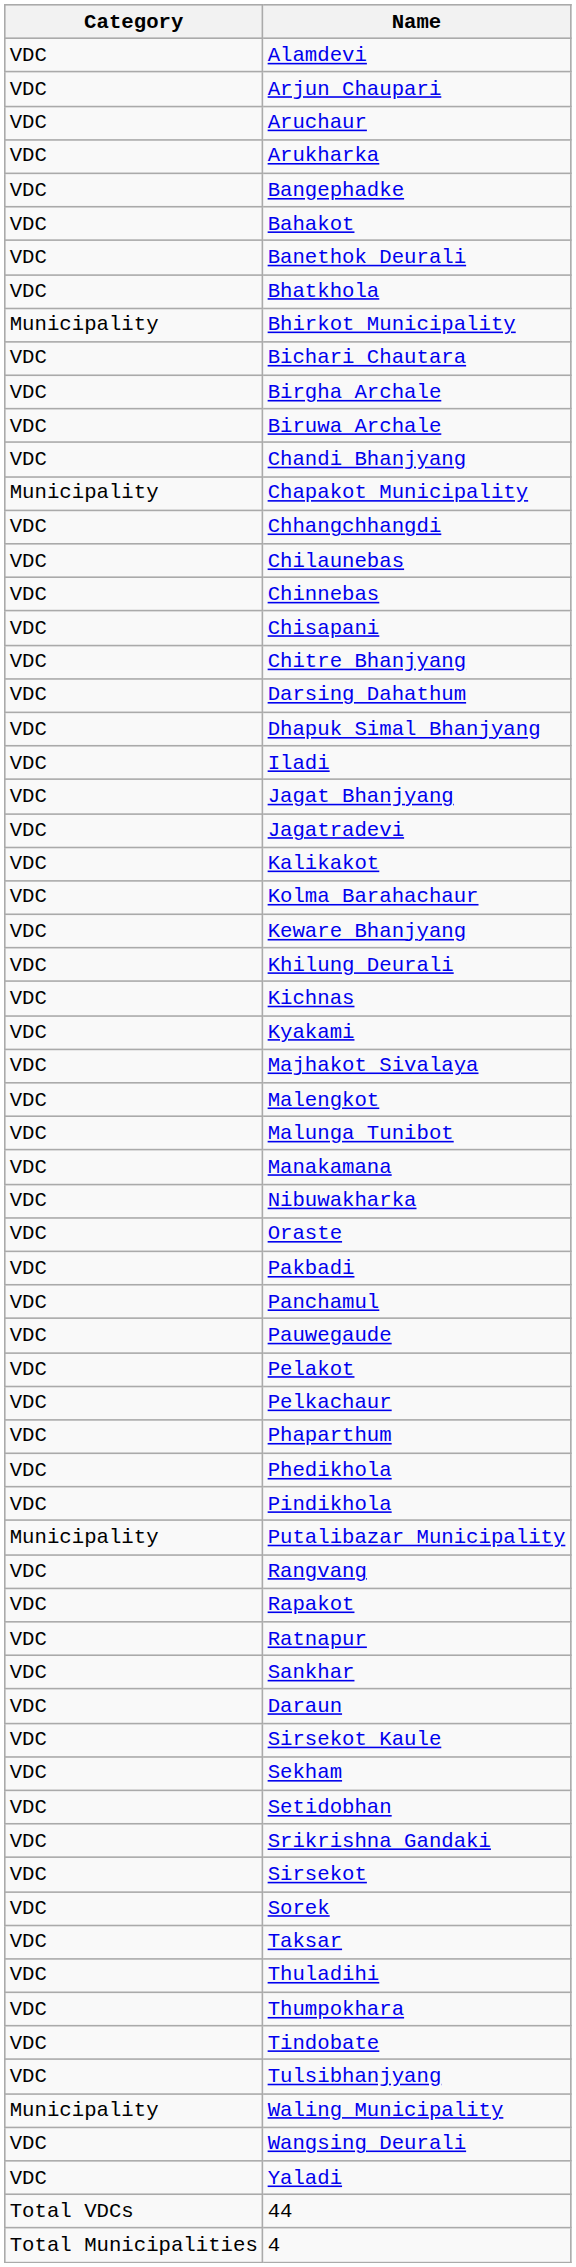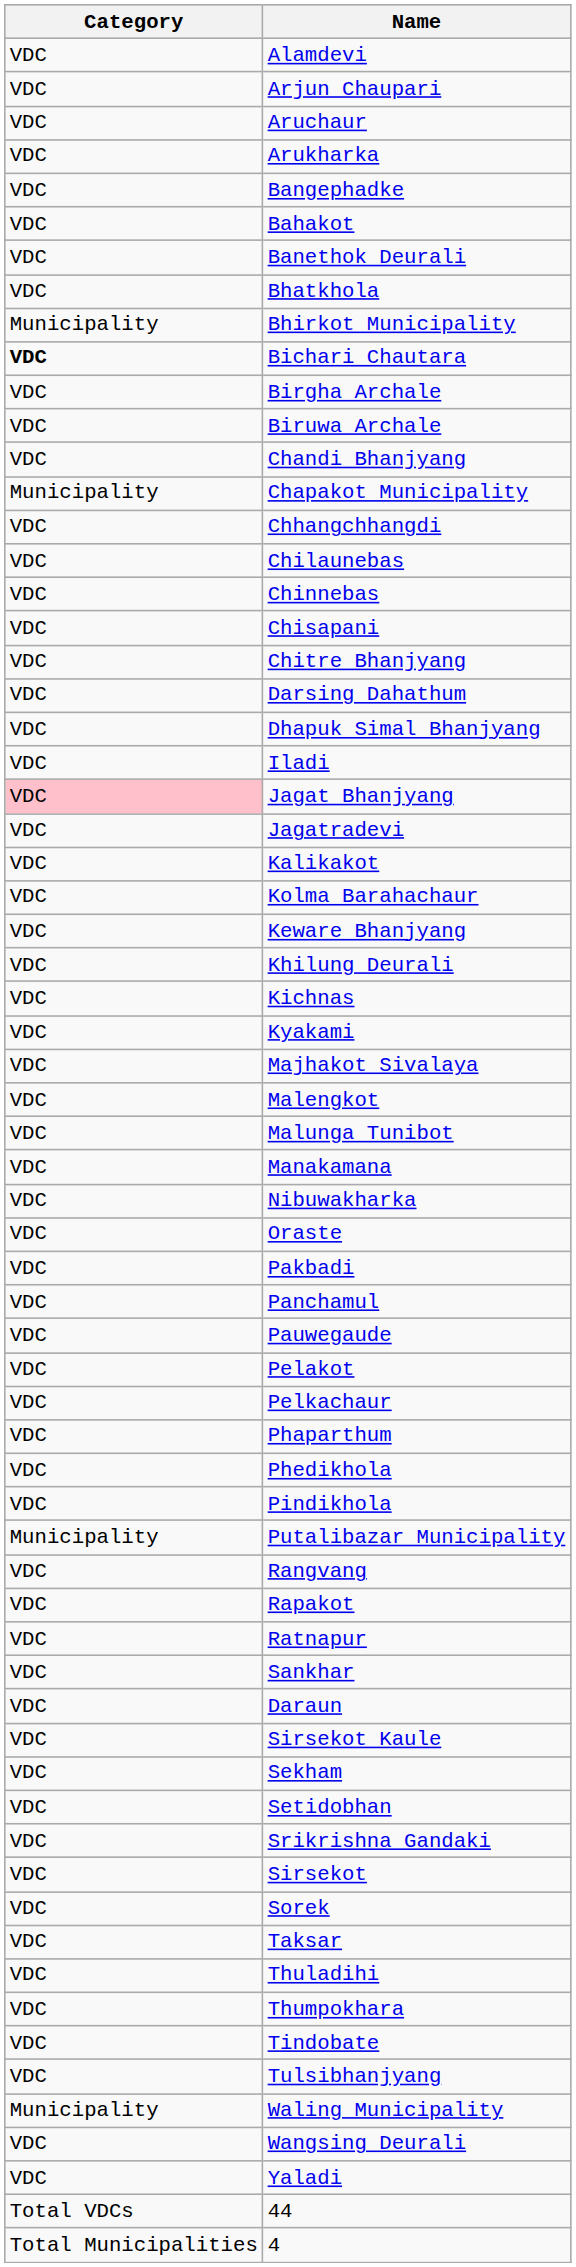 <table class="wikitable">
 <tr>
 <th>Category</th>
 <th>Name</th>
 </tr>
 <tr>
 <td>VDC</td>
 <td><a href='#'>Alamdevi</a></td>
 </tr>
 <tr>
 <td>VDC</td>
 <td><a href='#'>Arjun Chaupari</a></td>
 </tr>
 <tr>
 <td>VDC</td>
 <td><a href='#'>Aruchaur</a></td>
 </tr>
 <tr>
 <td>VDC</td>
 <td><a href='#'>Arukharka</a></td>
 </tr>
 <tr>
 <td>VDC</td>
 <td><a href='#'>Bangephadke</a></td>
 </tr>
 <tr>
 <td>VDC</td>
 <td><a href='#'>Bahakot</a></td>
 </tr>
 <tr>
 <td>VDC</td>
 <td><a href='#'>Banethok Deurali</a></td>
 </tr>
 <tr>
 <td>VDC</td>
 <td><a href='#'>Bhatkhola</a></td>
 </tr>
 <tr>
 <td>Municipality</td>
 <td><a href='#'>Bhirkot Municipality</a></td>
 </tr>
 <tr>
-<td>VDC</td>
+<td><strong>VDC</strong></td>
 <td><a href='#'>Bichari Chautara</a></td>
 </tr>
 <tr>
 <td>VDC</td>
 <td><a href='#'>Birgha Archale</a></td>
 </tr>
 <tr>
 <td>VDC</td>
 <td><a href='#'>Biruwa Archale</a></td>
 </tr>
 <tr>
 <td>VDC</td>
 <td><a href='#'>Chandi Bhanjyang</a></td>
 </tr>
 <tr>
 <td>Municipality</td>
 <td><a href='#'>Chapakot Municipality</a></td>
 </tr>
 <tr>
 <td>VDC</td>
 <td><a href='#'>Chhangchhangdi</a></td>
 </tr>
 <tr>
 <td>VDC</td>
 <td><a href='#'>Chilaunebas</a></td>
 </tr>
 <tr>
 <td>VDC</td>
 <td><a href='#'>Chinnebas</a></td>
 </tr>
 <tr>
 <td>VDC</td>
 <td><a href='#'>Chisapani</a></td>
 </tr>
 <tr>
 <td>VDC</td>
 <td><a href='#'>Chitre Bhanjyang</a></td>
 </tr>
 <tr>
 <td>VDC</td>
 <td><a href='#'>Darsing Dahathum</a></td>
 </tr>
 <tr>
 <td>VDC</td>
 <td><a href='#'>Dhapuk Simal Bhanjyang</a></td>
 </tr>
 <tr>
 <td>VDC</td>
 <td><a href='#'>Iladi</a></td>
 </tr>
 <tr>
-<td>VDC</td>
+<td style="background: pink;">VDC</td>
 <td><a href='#'>Jagat Bhanjyang</a></td>
 </tr>
 <tr>
 <td>VDC</td>
 <td><a href='#'>Jagatradevi</a></td>
 </tr>
 <tr>
 <td>VDC</td>
 <td><a href='#'>Kalikakot</a></td>
 </tr>
 <tr>
 <td>VDC</td>
 <td><a href='#'>Kolma Barahachaur</a></td>
 </tr>
 <tr>
 <td>VDC</td>
 <td><a href='#'>Keware Bhanjyang</a></td>
 </tr>
 <tr>
 <td>VDC</td>
 <td><a href='#'>Khilung Deurali</a></td>
 </tr>
 <tr>
 <td>VDC</td>
 <td><a href='#'>Kichnas</a></td>
 </tr>
 <tr>
 <td>VDC</td>
 <td><a href='#'>Kyakami</a></td>
 </tr>
 <tr>
 <td>VDC</td>
 <td><a href='#'>Majhakot Sivalaya</a></td>
 </tr>
 <tr>
 <td>VDC</td>
 <td><a href='#'>Malengkot</a></td>
 </tr>
 <tr>
 <td>VDC</td>
 <td><a href='#'>Malunga Tunibot</a></td>
 </tr>
 <tr>
 <td>VDC</td>
 <td><a href='#'>Manakamana</a></td>
 </tr>
 <tr>
 <td>VDC</td>
 <td><a href='#'>Nibuwakharka</a></td>
 </tr>
 <tr>
 <td>VDC</td>
 <td><a href='#'>Oraste</a></td>
 </tr>
 <tr>
 <td>VDC</td>
 <td><a href='#'>Pakbadi</a></td>
 </tr>
 <tr>
 <td>VDC</td>
 <td><a href='#'>Panchamul</a></td>
 </tr>
 <tr>
 <td>VDC</td>
 <td><a href='#'>Pauwegaude</a></td>
 </tr>
 <tr>
 <td>VDC</td>
 <td><a href='#'>Pelakot</a></td>
 </tr>
 <tr>
 <td>VDC</td>
 <td><a href='#'>Pelkachaur</a></td>
 </tr>
 <tr>
 <td>VDC</td>
 <td><a href='#'>Phaparthum</a></td>
 </tr>
 <tr>
 <td>VDC</td>
 <td><a href='#'>Phedikhola</a></td>
 </tr>
 <tr>
 <td>VDC</td>
 <td><a href='#'>Pindikhola</a></td>
 </tr>
 <tr>
 <td>Municipality</td>
 <td><a href='#'>Putalibazar Municipality</a></td>
 </tr>
 <tr>
 <td>VDC</td>
 <td><a href='#'>Rangvang</a></td>
 </tr>
 <tr>
 <td>VDC</td>
 <td><a href='#'>Rapakot</a></td>
 </tr>
 <tr>
 <td>VDC</td>
 <td><a href='#'>Ratnapur</a></td>
 </tr>
 <tr>
 <td>VDC</td>
 <td><a href='#'>Sankhar</a></td>
 </tr>
 <tr>
 <td>VDC</td>
 <td><a href='#'>Daraun</a></td>
 </tr>
 <tr>
 <td>VDC</td>
 <td><a href='#'>Sirsekot Kaule</a></td>
 </tr>
 <tr>
 <td>VDC</td>
 <td><a href='#'>Sekham</a></td>
 </tr>
 <tr>
 <td>VDC</td>
 <td><a href='#'>Setidobhan</a></td>
 </tr>
 <tr>
 <td>VDC</td>
 <td><a href='#'>Srikrishna Gandaki</a></td>
 </tr>
 <tr>
 <td>VDC</td>
 <td><a href='#'>Sirsekot</a></td>
 </tr>
 <tr>
 <td>VDC</td>
 <td><a href='#'>Sorek</a></td>
 </tr>
 <tr>
 <td>VDC</td>
 <td><a href='#'>Taksar</a></td>
 </tr>
 <tr>
 <td>VDC</td>
 <td><a href='#'>Thuladihi</a></td>
 </tr>
 <tr>
 <td>VDC</td>
 <td><a href='#'>Thumpokhara</a></td>
 </tr>
 <tr>
 <td>VDC</td>
 <td><a href='#'>Tindobate</a></td>
 </tr>
 <tr>
 <td>VDC</td>
 <td><a href='#'>Tulsibhanjyang</a></td>
 </tr>
 <tr>
 <td>Municipality</td>
 <td><a href='#'>Waling Municipality</a></td>
 </tr>
 <tr>
 <td>VDC</td>
 <td><a href='#'>Wangsing Deurali</a></td>
 </tr>
 <tr>
 <td>VDC</td>
 <td><a href='#'>Yaladi</a></td>
 </tr>
 <tr>
 <td>Total VDCs</td>
 <td>44</td>
 </tr>
 <tr>
 <td>Total Municipalities</td>
 <td>4</td>
 </tr>
 </table>
